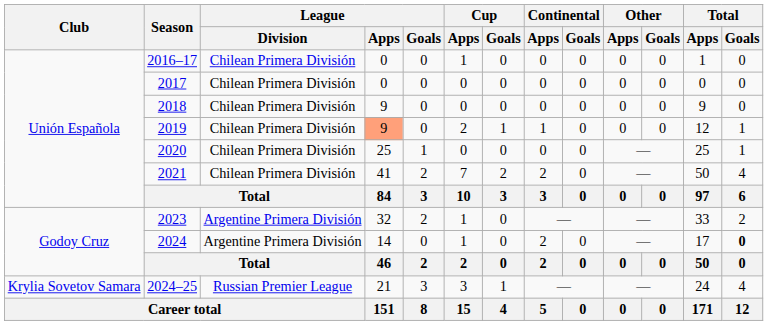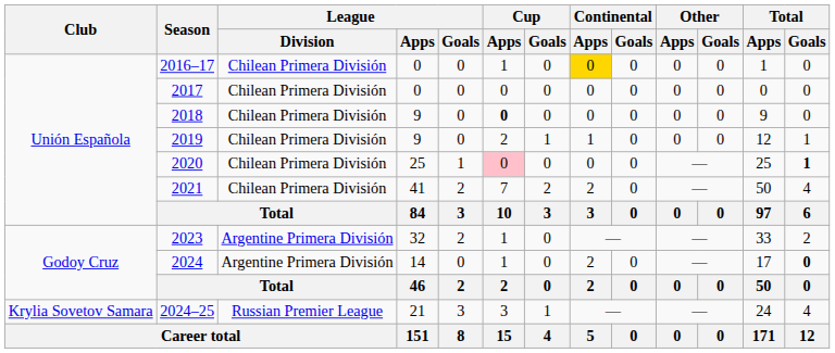 <table class="wikitable" style="text-align: center">
 <tr>
 <th rowspan="2">Club</th>
 <th rowspan="2">Season</th>
 <th colspan="3">League</th>
 <th colspan="2">Cup</th>
 <th colspan="2">Continental</th>
 <th colspan="2">Other</th>
 <th colspan="2">Total</th>
 </tr>
 <tr>
 <th>Division</th>
 <th>Apps</th>
 <th>Goals</th>
 <th>Apps</th>
 <th>Goals</th>
 <th>Apps</th>
 <th>Goals</th>
 <th>Apps</th>
 <th>Goals</th>
 <th>Apps</th>
 <th>Goals</th>
 </tr>
 <tr>
 <td rowspan="7"><a href='#'>Unión Española</a></td>
 <td><a href='#'>2016–17</a></td>
 <td><a href='#'>Chilean Primera División</a></td>
 <td>0</td>
 <td>0</td>
 <td>1</td>
 <td>0</td>
-<td>0</td>
+<td style="background: gold;">0</td>
 <td>0</td>
 <td>0</td>
 <td>0</td>
 <td>1</td>
 <td>0</td>
 </tr>
 <tr>
 <td><a href='#'>2017</a></td>
 <td>Chilean Primera División</td>
 <td>0</td>
 <td>0</td>
 <td>0</td>
 <td>0</td>
 <td>0</td>
 <td>0</td>
 <td>0</td>
 <td>0</td>
 <td>0</td>
 <td>0</td>
 </tr>
 <tr>
 <td><a href='#'>2018</a></td>
 <td>Chilean Primera División</td>
 <td>9</td>
 <td>0</td>
-<td>0</td>
+<td><strong>0</strong></td>
 <td>0</td>
 <td>0</td>
 <td>0</td>
 <td>0</td>
 <td>0</td>
 <td>9</td>
 <td>0</td>
 </tr>
 <tr>
 <td><a href='#'>2019</a></td>
 <td>Chilean Primera División</td>
-<td style="background: lightsalmon;">9</td>
+<td>9</td>
 <td>0</td>
 <td>2</td>
 <td>1</td>
 <td>1</td>
 <td>0</td>
 <td>0</td>
 <td>0</td>
 <td>12</td>
 <td>1</td>
 </tr>
 <tr>
 <td><a href='#'>2020</a></td>
 <td>Chilean Primera División</td>
 <td>25</td>
 <td>1</td>
-<td>0</td>
+<td style="background: pink;">0</td>
 <td>0</td>
 <td>0</td>
 <td>0</td>
 <td colspan="2">—</td>
 <td>25</td>
-<td>1</td>
+<td><strong>1</strong></td>
 </tr>
 <tr>
 <td><a href='#'>2021</a></td>
 <td>Chilean Primera División</td>
 <td>41</td>
 <td>2</td>
 <td>7</td>
 <td>2</td>
 <td>2</td>
 <td>0</td>
 <td colspan="2">—</td>
 <td>50</td>
 <td>4</td>
 </tr>
 <tr>
 <th colspan="2"><strong>Total</strong></th>
 <th>84</th>
 <th>3</th>
 <th>10</th>
 <th>3</th>
 <th>3</th>
 <th>0</th>
 <th>0</th>
 <th>0</th>
 <th>97</th>
 <th>6</th>
 </tr>
 <tr>
 <td rowspan="3"><a href='#'>Godoy Cruz</a></td>
 <td><a href='#'>2023</a></td>
 <td><a href='#'>Argentine Primera División</a></td>
 <td>32</td>
 <td>2</td>
 <td>1</td>
 <td>0</td>
 <td colspan="2">—</td>
 <td colspan="2">—</td>
 <td>33</td>
 <td>2</td>
 </tr>
 <tr>
 <td><a href='#'>2024</a></td>
 <td>Argentine Primera División</td>
 <td>14</td>
 <td>0</td>
 <td>1</td>
 <td>0</td>
 <td>2</td>
 <td>0</td>
 <td colspan="2">—</td>
 <td>17</td>
 <td><strong>0</strong></td>
 </tr>
 <tr>
 <th colspan="2">Total</th>
 <th>46</th>
 <th>2</th>
 <th>2</th>
 <th>0</th>
 <th>2</th>
 <th>0</th>
 <th>0</th>
 <th>0</th>
 <th>50</th>
 <th>0</th>
 </tr>
 <tr>
 <td><a href='#'>Krylia Sovetov Samara</a></td>
 <td><a href='#'>2024–25</a></td>
 <td><a href='#'>Russian Premier League</a></td>
 <td>21</td>
 <td>3</td>
 <td>3</td>
 <td>1</td>
 <td colspan="2">—</td>
 <td colspan="2">—</td>
 <td>24</td>
 <td>4</td>
 </tr>
 <tr>
 <th colspan="3"><strong>Career total</strong></th>
 <th>151</th>
 <th>8</th>
 <th>15</th>
 <th>4</th>
 <th>5</th>
 <th>0</th>
 <th>0</th>
 <th>0</th>
 <th>171</th>
 <th>12</th>
 </tr>
 </table>
